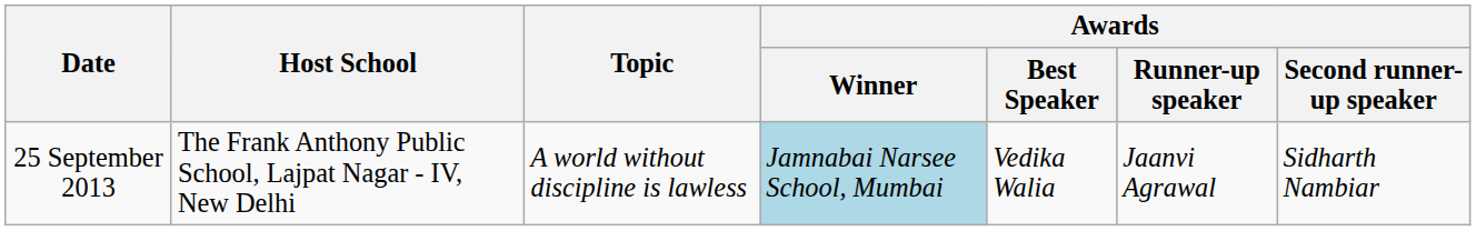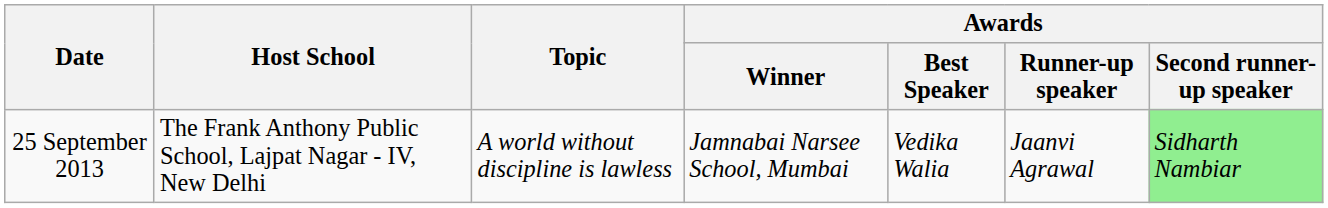 <table class="wikitable">
 <tr>
 <th rowspan="2">Date</th>
 <th rowspan="2">Host School</th>
 <th rowspan="2">Topic</th>
 <th colspan="4">Awards</th>
 </tr>
 <tr>
 <th>Winner</th>
 <th>Best Speaker</th>
 <th>Runner-up speaker</th>
 <th>Second runner-up speaker</th>
 </tr>
 <tr>
 <td align="center">25 September 2013</td>
 <td>The Frank Anthony Public School, Lajpat Nagar - IV, New Delhi</td>
 <td><em>A world without discipline is lawless</em></td>
-<td style="background: lightblue;"><em>Jamnabai Narsee School, Mumbai</em></td>
+<td><em>Jamnabai Narsee School, Mumbai</em></td>
 <td><em>Vedika Walia</em></td>
 <td><em>Jaanvi Agrawal</em></td>
-<td><em>Sidharth Nambiar</em></td>
+<td style="background: lightgreen;"><em>Sidharth Nambiar</em></td>
 </tr>
 </table>
